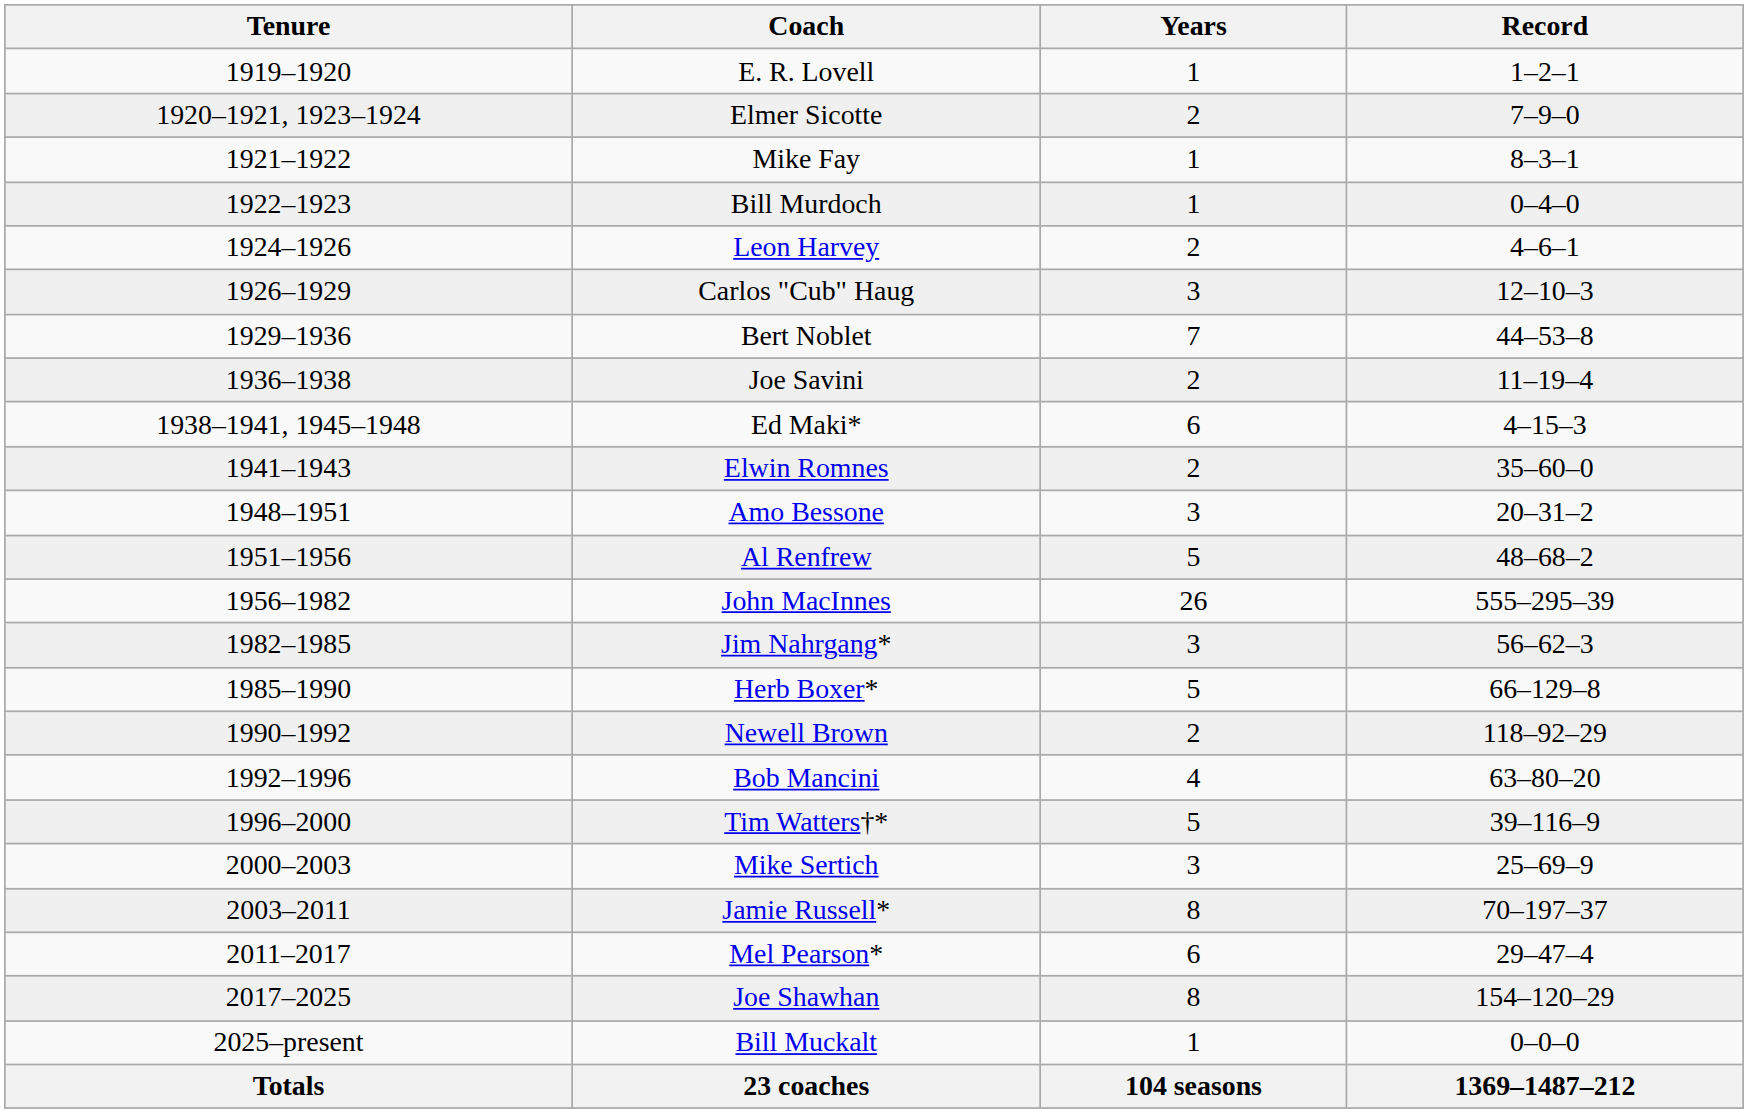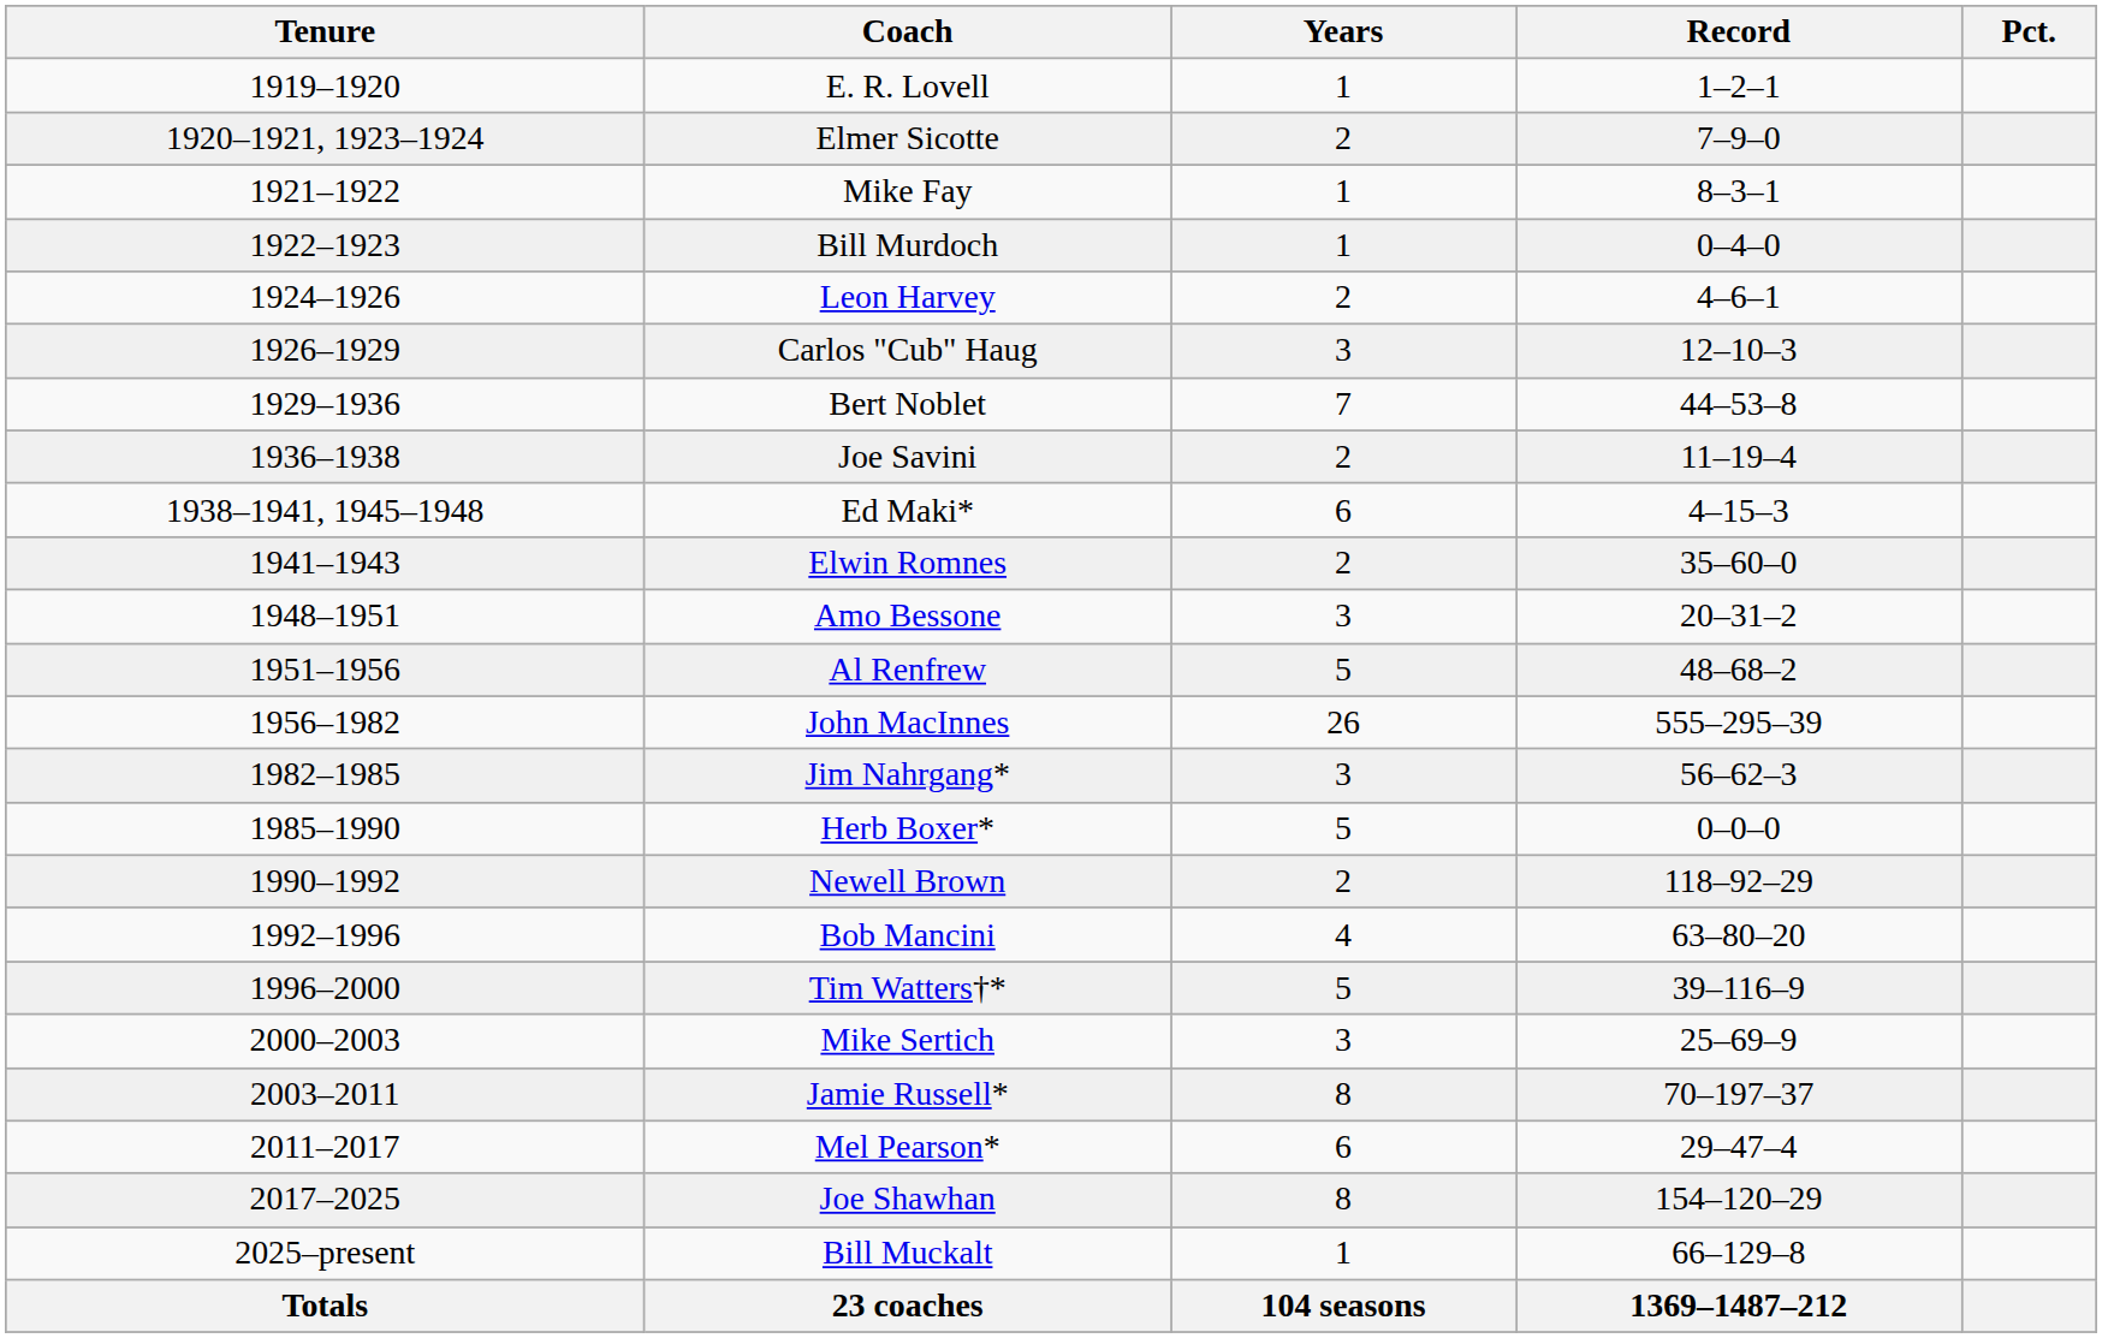 <table class="wikitable" width=1000>
 <tr>
 <th>Tenure</th>
 <th>Coach</th>
 <th>Years</th>
 <th>Record</th>
+<th>Pct.</th>
 </tr>
 <tr align="center">
 <td>1919–1920</td>
 <td>E. R. Lovell</td>
 <td>1</td>
 <td>1–2–1</td>
+<td></td>
 </tr>
 <tr align="center" bgcolor="f0f0f0">
 <td>1920–1921, 1923–1924</td>
 <td>Elmer Sicotte</td>
 <td>2</td>
 <td>7–9–0</td>
+<td></td>
 </tr>
 <tr align="center">
 <td>1921–1922</td>
 <td>Mike Fay</td>
 <td>1</td>
 <td>8–3–1</td>
+<td></td>
 </tr>
 <tr align="center" bgcolor="f0f0f0">
 <td>1922–1923</td>
 <td>Bill Murdoch</td>
 <td>1</td>
 <td>0–4–0</td>
+<td></td>
 </tr>
 <tr align="center">
 <td>1924–1926</td>
 <td><a href='#'>Leon Harvey</a></td>
 <td>2</td>
 <td>4–6–1</td>
+<td></td>
 </tr>
 <tr align="center" bgcolor="f0f0f0">
 <td>1926–1929</td>
 <td>Carlos "Cub" Haug</td>
 <td>3</td>
 <td>12–10–3</td>
+<td></td>
 </tr>
 <tr align="center">
 <td>1929–1936</td>
 <td>Bert Noblet</td>
 <td>7</td>
 <td>44–53–8</td>
+<td></td>
 </tr>
 <tr align="center" bgcolor="f0f0f0">
 <td>1936–1938</td>
 <td>Joe Savini</td>
 <td>2</td>
 <td>11–19–4</td>
+<td></td>
 </tr>
 <tr align="center">
 <td>1938–1941, 1945–1948</td>
 <td>Ed Maki*</td>
 <td>6</td>
 <td>4–15–3</td>
+<td></td>
 </tr>
 <tr align="center" bgcolor="f0f0f0">
 <td>1941–1943</td>
 <td><a href='#'>Elwin Romnes</a></td>
 <td>2</td>
 <td>35–60–0</td>
+<td></td>
 </tr>
 <tr align="center">
 <td>1948–1951</td>
 <td><a href='#'>Amo Bessone</a></td>
 <td>3</td>
 <td>20–31–2</td>
+<td></td>
 </tr>
 <tr align="center" bgcolor="f0f0f0">
 <td>1951–1956</td>
 <td><a href='#'>Al Renfrew</a></td>
 <td>5</td>
 <td>48–68–2</td>
+<td></td>
 </tr>
 <tr align="center">
 <td>1956–1982</td>
 <td><a href='#'>John MacInnes</a></td>
 <td>26</td>
 <td>555–295–39</td>
+<td></td>
 </tr>
 <tr align="center" bgcolor="f0f0f0">
 <td>1982–1985</td>
 <td><a href='#'>Jim Nahrgang</a>*</td>
 <td>3</td>
 <td>56–62–3</td>
+<td></td>
 </tr>
 <tr align="center">
 <td>1985–1990</td>
 <td><a href='#'>Herb Boxer</a>*</td>
 <td>5</td>
-<td>66–129–8</td>
+<td>0–0–0</td>
+<td></td>
 </tr>
 <tr align="center" bgcolor="f0f0f0">
 <td>1990–1992</td>
 <td><a href='#'>Newell Brown</a></td>
 <td>2</td>
 <td>118–92–29</td>
+<td></td>
 </tr>
 <tr align="center">
 <td>1992–1996</td>
 <td><a href='#'>Bob Mancini</a></td>
 <td>4</td>
 <td>63–80–20</td>
+<td></td>
 </tr>
 <tr align="center" bgcolor="f0f0f0">
 <td>1996–2000</td>
 <td><a href='#'>Tim Watters</a>†*</td>
 <td>5</td>
 <td>39–116–9</td>
+<td></td>
 </tr>
 <tr align="center">
 <td>2000–2003</td>
 <td><a href='#'>Mike Sertich</a></td>
 <td>3</td>
 <td>25–69–9</td>
+<td></td>
 </tr>
 <tr align="center" bgcolor="f0f0f0">
 <td>2003–2011</td>
 <td><a href='#'>Jamie Russell</a>*</td>
 <td>8</td>
 <td>70–197–37</td>
+<td></td>
 </tr>
 <tr align=center>
 <td>2011–2017</td>
 <td><a href='#'>Mel Pearson</a>*</td>
 <td>6</td>
 <td>29–47–4</td>
+<td></td>
 </tr>
 <tr align=center bgcolor="f0f0f0">
 <td>2017–2025</td>
 <td><a href='#'>Joe Shawhan</a></td>
 <td>8</td>
 <td>154–120–29</td>
+<td></td>
 </tr>
 <tr align=center>
 <td>2025–present</td>
 <td><a href='#'>Bill Muckalt</a></td>
 <td>1</td>
-<td>0–0–0</td>
+<td>66–129–8</td>
+<td></td>
 </tr>
 <tr align=center>
 <th>Totals</th>
 <th>23 coaches</th>
 <th>104 seasons</th>
 <th>1369–1487–212</th>
+<th></th>
 </tr>
 </table>
